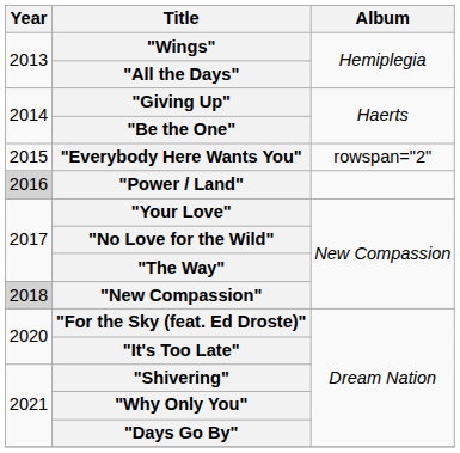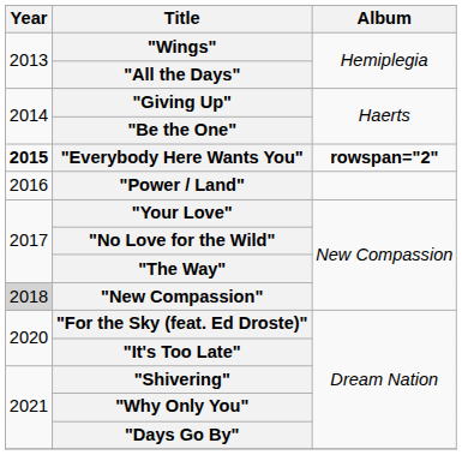 <table class="wikitable plainrowheaders" style="text-align:center;">
 <tr>
 <th scope="col" rowspan="1">Year</th>
 <th scope="col" rowspan="1">Title</th>
 <th scope="col" rowspan="1">Album</th>
 </tr>
 <tr>
 <td rowspan="2">2013</td>
 <th scope="row">"Wings"</th>
 <td rowspan="2"><em>Hemiplegia</em></td>
 </tr>
 <tr>
 <th scope="row">"All the Days"</th>
 </tr>
 <tr>
 <td rowspan="2">2014</td>
 <th scope="row">"Giving Up"</th>
 <td rowspan="2"><em>Haerts</em></td>
 </tr>
 <tr>
 <th scope="row">"Be the One"</th>
 </tr>
 <tr>
-<td>2015</td>
+<td><strong>2015</strong></td>
 <th scope="row">"Everybody Here Wants You"</th>
-<td>rowspan="2" </td>
+<td><strong>rowspan="2" </strong></td>
 </tr>
 <tr>
-<td style="background: lightgrey;">2016</td>
+<td>2016</td>
 <th scope="row">"Power / Land"</th>
 </tr>
 <tr>
 <td rowspan="3">2017</td>
 <th scope="row">"Your Love"</th>
 <td rowspan="4"><em>New Compassion</em></td>
 </tr>
 <tr>
 <th scope="row">"No Love for the Wild"</th>
 </tr>
 <tr>
 <th scope="row">"The Way"</th>
 </tr>
 <tr>
 <td rowspan="1" style="background: lightgrey;">2018</td>
 <th scope="row">"New Compassion"</th>
 </tr>
 <tr>
 <td rowspan="2">2020</td>
 <th scope="row">"For the Sky (feat. Ed Droste)"</th>
 <td rowspan="5"><em>Dream Nation</em></td>
 </tr>
 <tr>
 <th scope="row">"It's Too Late"</th>
 </tr>
 <tr>
 <td rowspan="3">2021</td>
 <th scope="row">"Shivering"</th>
 </tr>
 <tr>
 <th scope="row">"Why Only You"</th>
 </tr>
 <tr>
 <th scope="row">"Days Go By"</th>
 </tr>
 <tr>
 </tr>
 </table>
